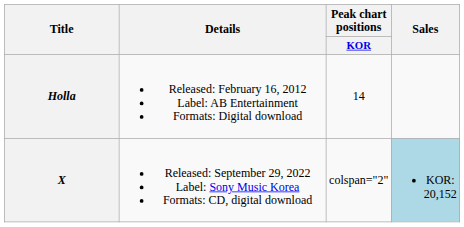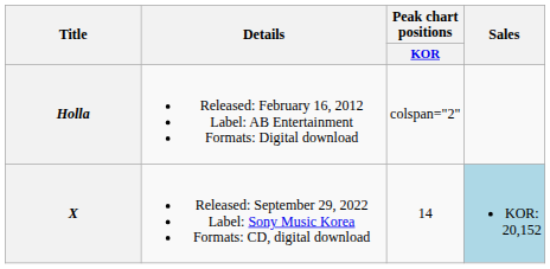 <table class="wikitable plainrowheaders" style="text-align:center">
 <tr>
 <th scope="col" rowspan="2" style="width:10em">Title</th>
 <th scope="col" rowspan="2" style="width:18em">Details</th>
 <th scope="col" colspan="1">Peak chart positions</th>
 <th scope="col" rowspan="2">Sales</th>
 </tr>
 <tr>
 <th scope="col" style="width:3em;font-size:90%"><a href='#'>KOR</a><br></th>
 </tr>
 <tr>
 <th scope="row"><em>Holla</em></th>
 <td><br><ul><li>Released: February 16, 2012 </li><li>Label: AB Entertainment</li><li>Formats: Digital download</li></ul></td>
-<td>14</td>
+<td>colspan="2" </td>
 </tr>
 <tr>
 <th scope="row"><em>X</em></th>
 <td><br><ul><li>Released: September 29, 2022 </li><li>Label: <a href='#'>Sony Music Korea</a></li><li>Formats: CD, digital download</li></ul></td>
-<td>colspan="2" </td>
+<td>14</td>
 <td style="background: lightblue;"><br><ul><li>KOR: 20,152</li></ul></td>
 </tr>
 </table>
